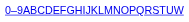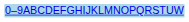 <table id="toc" class="toc" summary="Class">
 <tr>
 <th></th>
 </tr>
 <tr>
-<td style="text-align:center;"><a href='#'>0–9</a><a href='#'>A</a><a href='#'>B</a><a href='#'>C</a><a href='#'>D</a><a href='#'>E</a><a href='#'>F</a><a href='#'>G</a><a href='#'>H</a><a href='#'>I</a><a href='#'>J</a><a href='#'>K</a><a href='#'>L</a><a href='#'>M</a><a href='#'>N</a><a href='#'>O</a><a href='#'>P</a><a href='#'>Q</a><a href='#'>R</a><a href='#'>S</a><a href='#'>T</a><a href='#'>U</a><a href='#'>W</a></td>
+<td style="background: lightblue; text-align:center;"><a href='#'>0–9</a><a href='#'>A</a><a href='#'>B</a><a href='#'>C</a><a href='#'>D</a><a href='#'>E</a><a href='#'>F</a><a href='#'>G</a><a href='#'>H</a><a href='#'>I</a><a href='#'>J</a><a href='#'>K</a><a href='#'>L</a><a href='#'>M</a><a href='#'>N</a><a href='#'>O</a><a href='#'>P</a><a href='#'>Q</a><a href='#'>R</a><a href='#'>S</a><a href='#'>T</a><a href='#'>U</a><a href='#'>W</a></td>
 </tr>
 </table>
